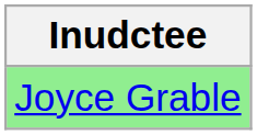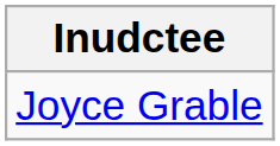 <table class="wikitable">
 <tr>
 <th>Inudctee</th>
 </tr>
 <tr>
-<td style="background: lightgreen;"><a href='#'>Joyce Grable</a></td>
+<td><a href='#'>Joyce Grable</a></td>
 </tr>
 </table>
